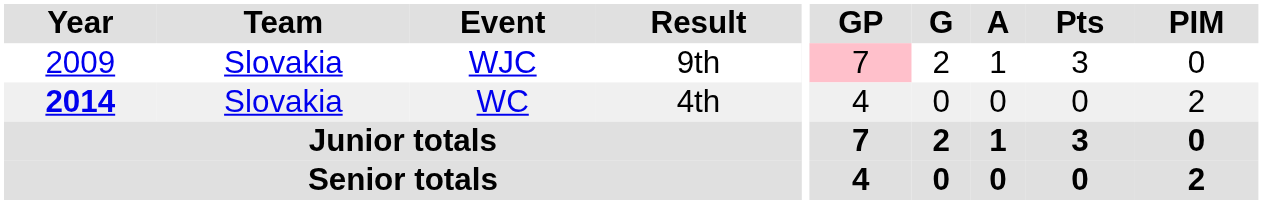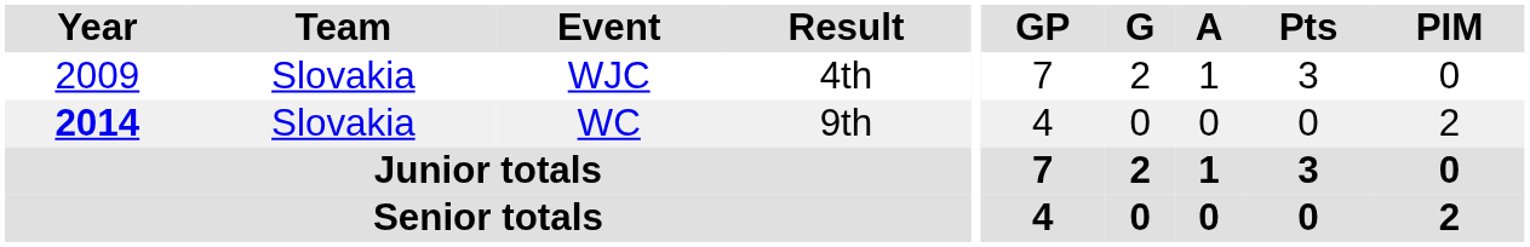 <table border="0" cellpadding="1" cellspacing="0" ID="Table3" style="text-align:center; width:40em">
 <tr ALIGN="center" bgcolor="#e0e0e0">
 <th>Year</th>
 <th>Team</th>
 <th>Event</th>
 <th>Result</th>
 <th rowspan="99" bgcolor="#ffffff"></th>
 <th>GP</th>
 <th>G</th>
 <th>A</th>
 <th>Pts</th>
 <th>PIM</th>
 </tr>
 <tr>
 <td><a href='#'>2009</a></td>
 <td><a href='#'>Slovakia</a></td>
 <td><a href='#'>WJC</a></td>
-<td>9th</td>
-<td style="background: pink;">7</td>
+<td>4th</td>
+<td>7</td>
 <td>2</td>
 <td>1</td>
 <td>3</td>
 <td>0</td>
 </tr>
 <tr bgcolor="#f0f0f0">
 <td><strong><a href='#'>2014</a></strong></td>
 <td><a href='#'>Slovakia</a></td>
 <td><a href='#'>WC</a></td>
-<td>4th</td>
+<td>9th</td>
 <td>4</td>
 <td>0</td>
 <td>0</td>
 <td>0</td>
 <td>2</td>
 </tr>
 <tr bgcolor="#e0e0e0">
 <th colspan="4">Junior totals</th>
 <th>7</th>
 <th>2</th>
 <th>1</th>
 <th>3</th>
 <th>0</th>
 </tr>
 <tr bgcolor="#e0e0e0">
 <th colspan=4>Senior totals</th>
 <th>4</th>
 <th>0</th>
 <th>0</th>
 <th>0</th>
 <th>2</th>
 </tr>
 </table>
